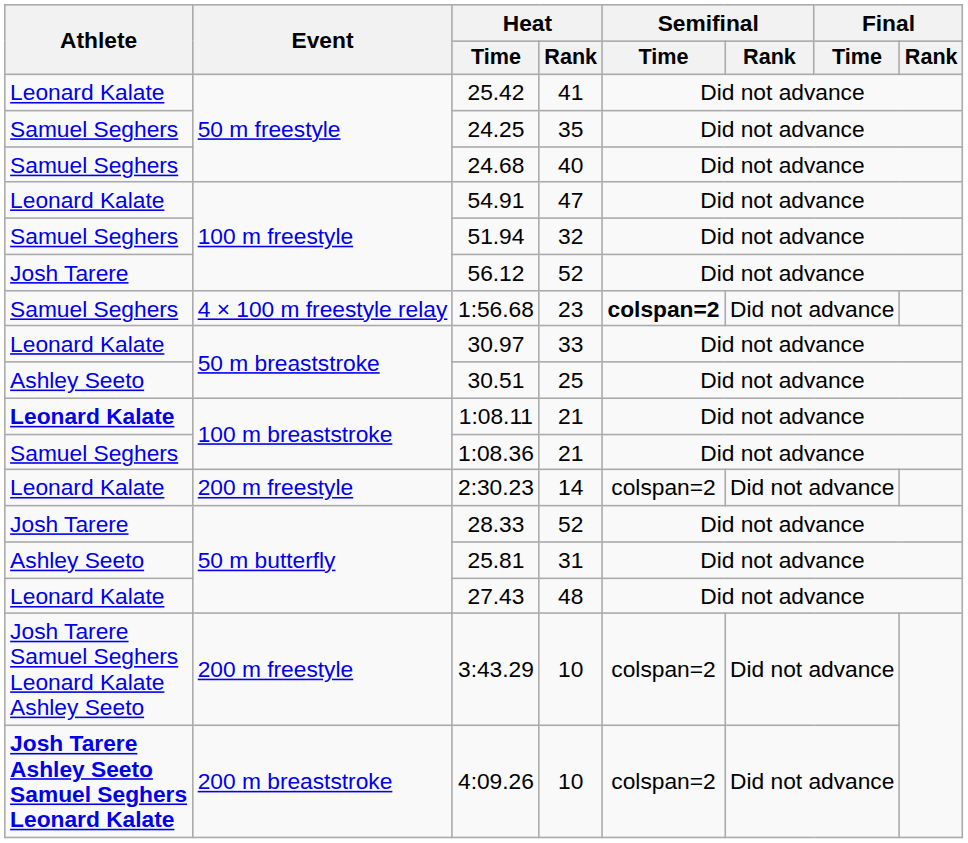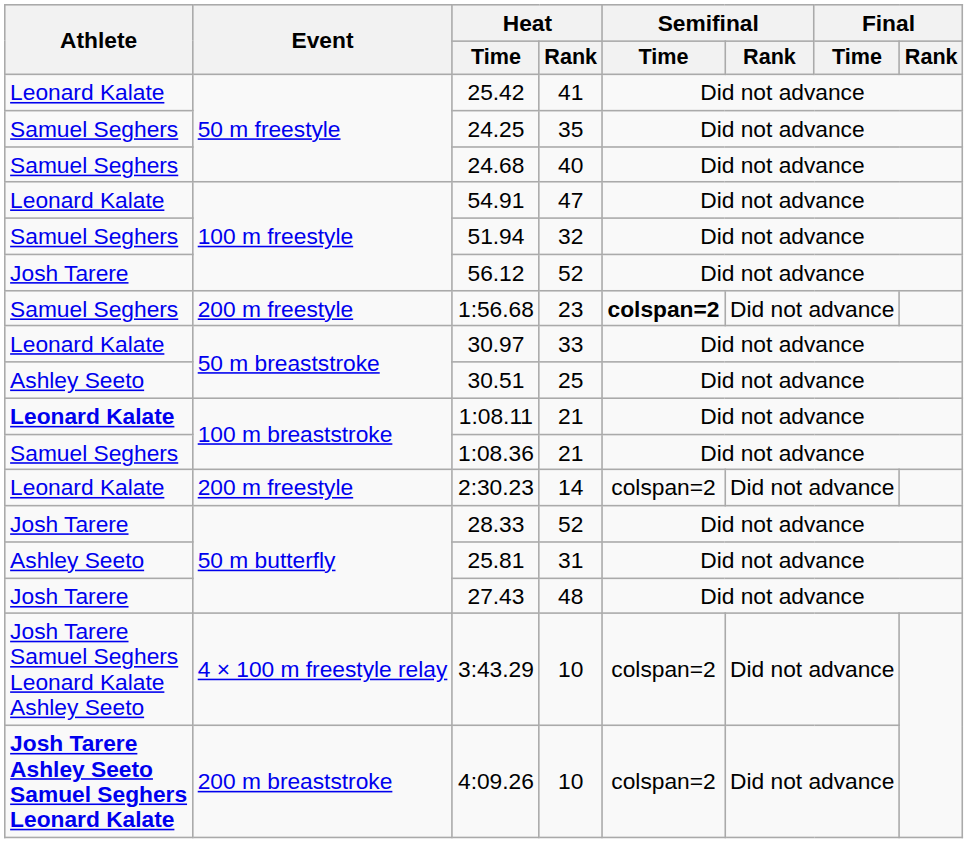 <table class=wikitable style=font-size:90%>
 <tr>
 <th rowspan=2>Athlete</th>
 <th rowspan=2>Event</th>
 <th colspan=2>Heat</th>
 <th colspan=2>Semifinal</th>
 <th colspan=2>Final</th>
 </tr>
 <tr style=font-size:95%>
 <th>Time</th>
 <th>Rank</th>
 <th>Time</th>
 <th>Rank</th>
 <th>Time</th>
 <th>Rank</th>
 </tr>
 <tr align=center>
 <td align=left><a href='#'>Leonard Kalate</a></td>
 <td align=left rowspan=3><a href='#'>50 m freestyle</a></td>
 <td>25.42</td>
 <td>41</td>
 <td colspan=4>Did not advance</td>
 </tr>
 <tr align=center>
 <td align=left><a href='#'>Samuel Seghers</a></td>
 <td>24.25</td>
 <td>35</td>
 <td colspan=4>Did not advance</td>
 </tr>
 <tr align=center>
 <td align=left><a href='#'>Samuel Seghers</a></td>
 <td>24.68</td>
 <td>40</td>
 <td colspan=4>Did not advance</td>
 </tr>
 <tr align=center>
 <td align=left><a href='#'>Leonard Kalate</a></td>
 <td align=left rowspan=3><a href='#'>100 m freestyle</a></td>
 <td>54.91</td>
 <td>47</td>
 <td colspan=4>Did not advance</td>
 </tr>
 <tr align=center>
 <td align=left><a href='#'>Samuel Seghers</a></td>
 <td>51.94</td>
 <td>32</td>
 <td colspan=4>Did not advance</td>
 </tr>
 <tr align=center>
 <td align=left><a href='#'>Josh Tarere</a></td>
 <td>56.12</td>
 <td>52</td>
 <td colspan=4>Did not advance</td>
 </tr>
 <tr align=center>
 <td align=left><a href='#'>Samuel Seghers</a></td>
-<td align=left><a href='#'>4 × 100 m freestyle relay</a></td>
+<td align=left><a href='#'>200 m freestyle</a></td>
 <td>1:56.68</td>
 <td>23</td>
 <td><strong>colspan=2 </strong></td>
 <td colspan=2>Did not advance</td>
 </tr>
 <tr align=center>
 <td align=left><a href='#'>Leonard Kalate</a></td>
 <td align=left rowspan=2><a href='#'>50 m breaststroke</a></td>
 <td>30.97</td>
 <td>33</td>
 <td colspan=4>Did not advance</td>
 </tr>
 <tr align=center>
 <td align=left><a href='#'>Ashley Seeto</a></td>
 <td>30.51</td>
 <td>25</td>
 <td colspan=4>Did not advance</td>
 </tr>
 <tr align=center>
 <td align=left><strong><a href='#'>Leonard Kalate</a></strong></td>
 <td align=left rowspan=2><a href='#'>100 m breaststroke</a></td>
 <td>1:08.11</td>
 <td>21</td>
 <td colspan=4>Did not advance</td>
 </tr>
 <tr align=center>
 <td align=left><a href='#'>Samuel Seghers</a></td>
 <td>1:08.36</td>
 <td>21</td>
 <td colspan=4>Did not advance</td>
 </tr>
 <tr align=center>
 <td align=left><a href='#'>Leonard Kalate</a></td>
 <td align=left><a href='#'>200 m freestyle</a></td>
 <td>2:30.23</td>
 <td>14</td>
 <td>colspan=2 </td>
 <td colspan=2>Did not advance</td>
 </tr>
 <tr align=center>
 <td align=left><a href='#'>Josh Tarere</a></td>
 <td align=left rowspan=3><a href='#'>50 m butterfly</a></td>
 <td>28.33</td>
 <td>52</td>
 <td colspan=4>Did not advance</td>
 </tr>
 <tr align=center>
 <td align=left><a href='#'>Ashley Seeto</a></td>
 <td>25.81</td>
 <td>31</td>
 <td colspan=4>Did not advance</td>
 </tr>
 <tr align=center>
-<td align=left><a href='#'>Leonard Kalate</a></td>
+<td align=left><a href='#'>Josh Tarere</a></td>
 <td>27.43</td>
 <td>48</td>
 <td colspan=4>Did not advance</td>
 </tr>
 <tr align=center>
 <td align=left><a href='#'>Josh Tarere</a><br><a href='#'>Samuel Seghers</a><br><a href='#'>Leonard Kalate</a><br><a href='#'>Ashley Seeto</a></td>
-<td align=left><a href='#'>200 m freestyle</a></td>
+<td align=left><a href='#'>4 × 100 m freestyle relay</a></td>
 <td>3:43.29</td>
 <td>10</td>
 <td>colspan=2 </td>
 <td colspan=2>Did not advance</td>
 </tr>
 <tr align=center>
 <td align=left><strong><a href='#'>Josh Tarere</a><br><a href='#'>Ashley Seeto</a><br><a href='#'>Samuel Seghers</a><br><a href='#'>Leonard Kalate</a></strong></td>
 <td align=left><a href='#'>200 m breaststroke</a></td>
 <td>4:09.26</td>
 <td>10</td>
 <td>colspan=2 </td>
 <td colspan=2>Did not advance</td>
 </tr>
 </table>
